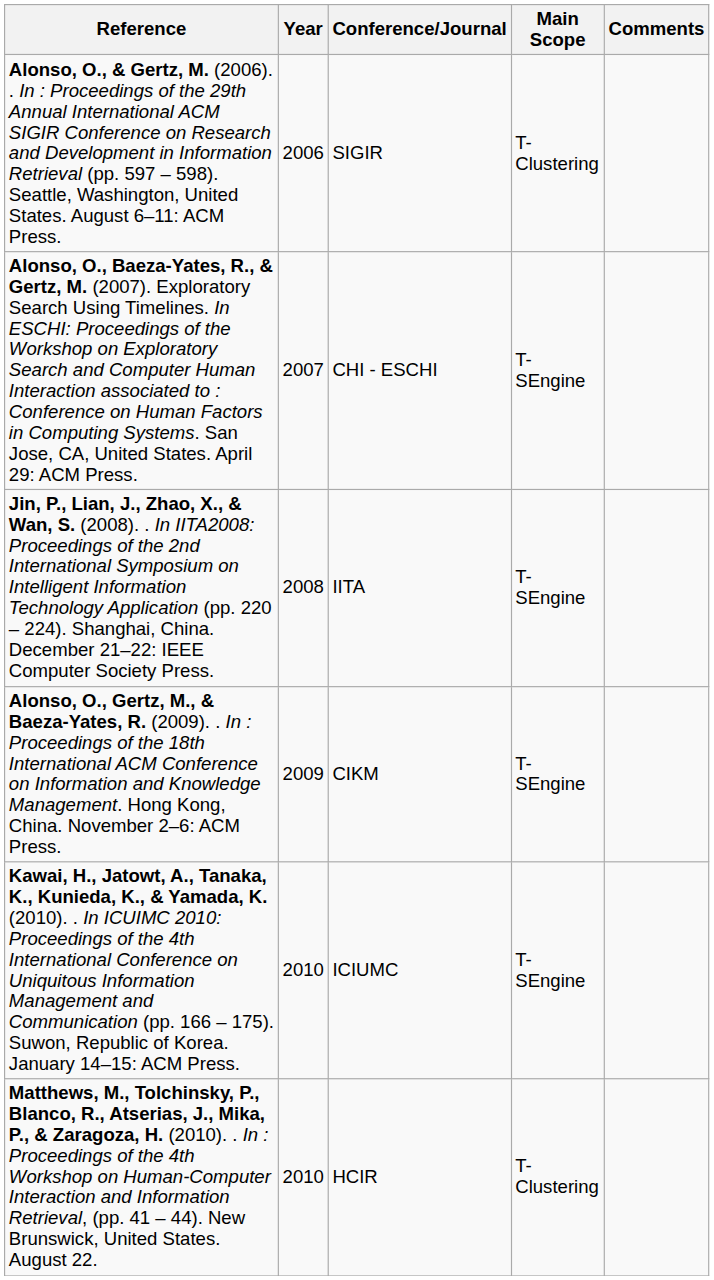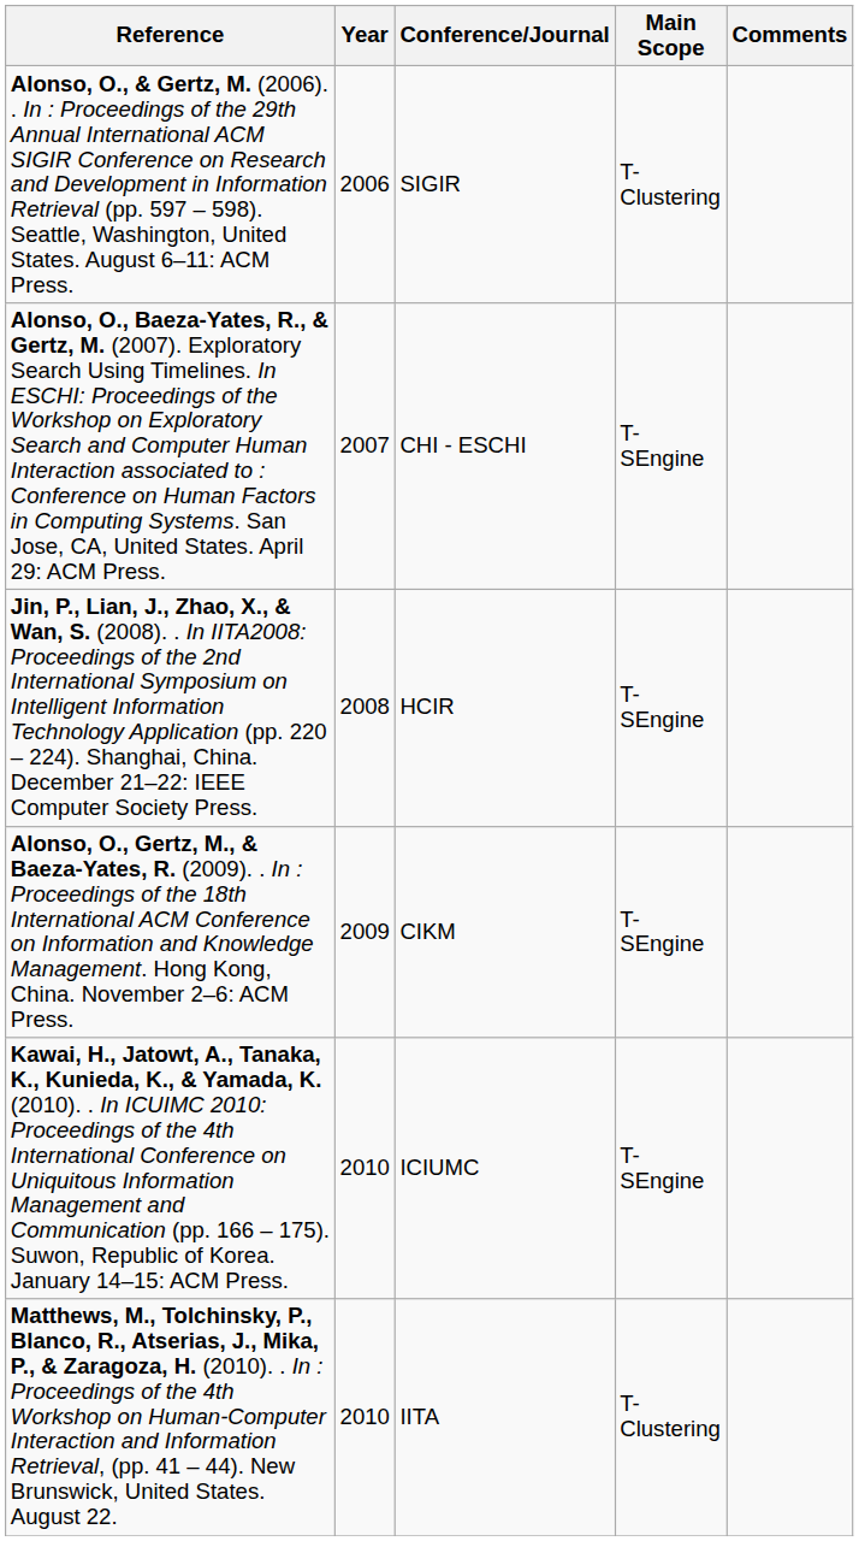 <table class="wikitable sortable">
 <tr>
 <th>Reference</th>
 <th>Year</th>
 <th>Conference/Journal</th>
 <th>Main Scope</th>
 <th>Comments</th>
 </tr>
 <tr>
 <td><strong>Alonso, O., & Gertz, M.</strong> (2006). . <em>In : Proceedings of the 29th Annual International ACM SIGIR Conference on Research and Development in Information Retrieval</em> (pp. 597 – 598). Seattle, Washington, United States. August 6–11: ACM Press.</td>
 <td>2006</td>
 <td>SIGIR</td>
 <td>T-Clustering</td>
 <td></td>
 </tr>
 <tr>
 <td><strong>Alonso, O., Baeza-Yates, R., & Gertz, M.</strong> (2007). Exploratory Search Using Timelines. <em>In ESCHI: Proceedings of the Workshop on Exploratory Search and Computer Human Interaction associated to :  Conference on Human Factors in Computing Systems</em>. San Jose, CA, United States. April 29: ACM Press.</td>
 <td>2007</td>
 <td>CHI - ESCHI</td>
 <td>T-SEngine</td>
 <td></td>
 </tr>
 <tr>
 <td><strong>Jin, P., Lian, J., Zhao, X., & Wan, S.</strong> (2008). . <em>In IITA2008: Proceedings of the 2nd International Symposium on Intelligent Information Technology Application</em> (pp. 220 – 224). Shanghai, China. December 21–22: IEEE Computer Society Press.</td>
 <td>2008</td>
-<td>IITA</td>
+<td>HCIR</td>
 <td>T-SEngine</td>
 <td></td>
 </tr>
 <tr>
 <td><strong>Alonso, O., Gertz, M., & Baeza-Yates, R.</strong> (2009). . <em>In : Proceedings of the 18th International ACM Conference on Information and Knowledge Management</em>. Hong Kong, China. November 2–6: ACM Press.</td>
 <td>2009</td>
 <td>CIKM</td>
 <td>T-SEngine</td>
 <td></td>
 </tr>
 <tr>
 <td><strong>Kawai, H., Jatowt, A., Tanaka, K., Kunieda, K., & Yamada, K.</strong> (2010). . <em>In ICUIMC 2010: Proceedings of the 4th International Conference on Uniquitous Information Management and Communication</em> (pp. 166 – 175). Suwon, Republic of Korea. January 14–15: ACM Press.</td>
 <td>2010</td>
 <td>ICIUMC</td>
 <td>T-SEngine</td>
 <td></td>
 </tr>
 <tr>
 <td><strong>Matthews, M., Tolchinsky, P., Blanco, R., Atserias, J., Mika, P., & Zaragoza, H.</strong> (2010). . <em>In : Proceedings of the 4th Workshop on Human-Computer Interaction and Information Retrieval</em>, (pp. 41 – 44). New Brunswick, United States. August 22.</td>
 <td>2010</td>
-<td>HCIR</td>
+<td>IITA</td>
 <td>T-Clustering</td>
 <td></td>
 </tr>
 </table>
